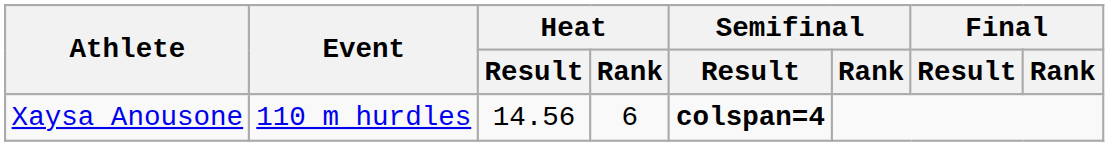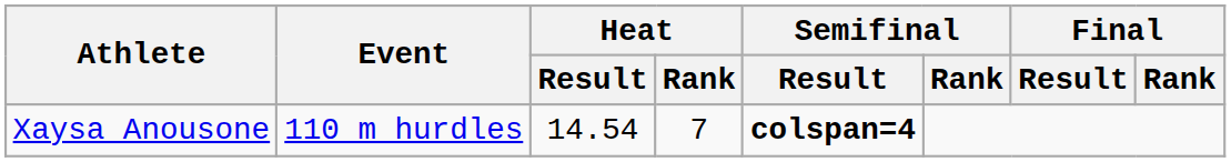 <table class="wikitable">
 <tr>
 <th rowspan="2">Athlete</th>
 <th rowspan="2">Event</th>
 <th colspan="2">Heat</th>
 <th colspan="2">Semifinal</th>
 <th colspan="2">Final</th>
 </tr>
 <tr>
 <th>Result</th>
 <th>Rank</th>
 <th>Result</th>
 <th>Rank</th>
 <th>Result</th>
 <th>Rank</th>
 </tr>
 <tr style=text-align:center>
 <td style=text-align:left><a href='#'>Xaysa Anousone</a></td>
 <td style=text-align:left><a href='#'>110 m hurdles</a></td>
-<td>14.56</td>
-<td>6</td>
+<td>14.54</td>
+<td>7</td>
 <td><strong>colspan=4 </strong></td>
 </tr>
 </table>
